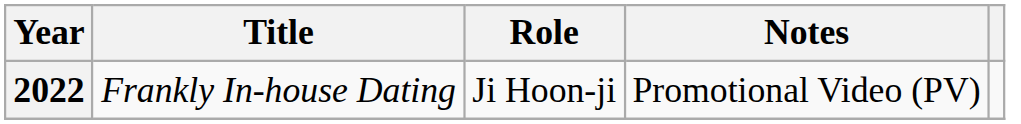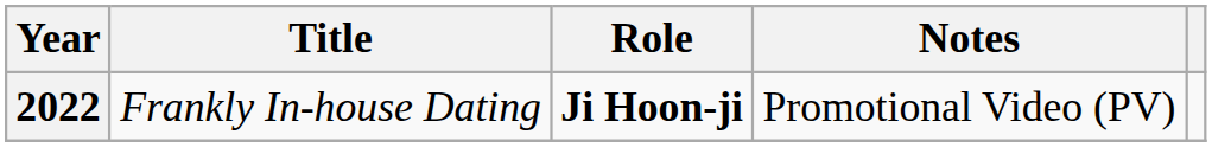 <table class="wikitable  plainrowheaders">
 <tr>
 <th scope="col">Year</th>
 <th scope="col">Title</th>
 <th scope="col">Role</th>
 <th scope="col">Notes</th>
 <th scope="col" class="unsortable"></th>
 </tr>
 <tr>
 <th scope="row">2022</th>
 <td><em>Frankly In-house Dating</em></td>
-<td>Ji Hoon-ji</td>
+<td><strong>Ji Hoon-ji</strong></td>
 <td>Promotional Video (PV)</td>
 <td style="text-align:center"></td>
 </tr>
 <tr>
 </tr>
 </table>
